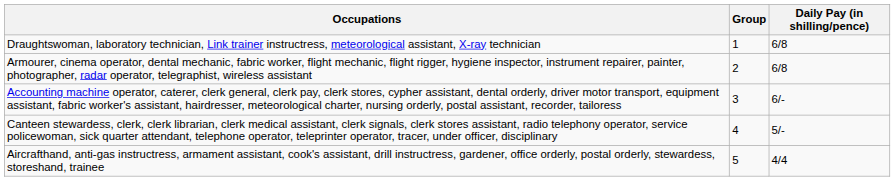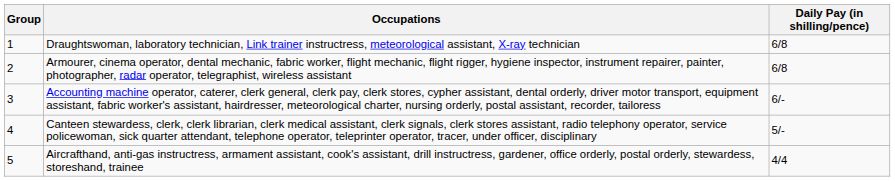 <table class="wikitable">
 <tr>
+<th>Group</th>
 <th>Occupations</th>
-<th>Group</th>
 <th>Daily Pay (in shilling/pence)</th>
 </tr>
 <tr>
+<td>1</td>
 <td>Draughtswoman, laboratory technician, <a href='#'>Link trainer</a> instructress, <a href='#'>meteorological</a> assistant, <a href='#'>X-ray</a> technician</td>
-<td>1</td>
 <td>6/8</td>
 </tr>
 <tr>
+<td>2</td>
 <td>Armourer, cinema operator, dental mechanic, fabric worker, flight mechanic, flight rigger, hygiene inspector, instrument repairer, painter, photographer, <a href='#'>radar</a> operator, telegraphist, wireless assistant</td>
-<td>2</td>
 <td>6/8</td>
 </tr>
 <tr>
+<td>3</td>
 <td><a href='#'>Accounting machine</a> operator, caterer, clerk general, clerk pay, clerk stores, cypher assistant, dental orderly, driver motor transport, equipment assistant, fabric worker's assistant, hairdresser, meteorological charter, nursing orderly, postal assistant, recorder, tailoress</td>
-<td>3</td>
 <td>6/-</td>
 </tr>
 <tr>
+<td>4</td>
 <td>Canteen stewardess, clerk, clerk librarian, clerk medical assistant, clerk signals, clerk stores assistant, radio telephony operator, service policewoman, sick quarter attendant, telephone operator, teleprinter operator, tracer, under officer, disciplinary</td>
-<td>4</td>
 <td>5/-</td>
 </tr>
 <tr>
+<td>5</td>
 <td>Aircrafthand, anti-gas instructress, armament assistant, cook's assistant, drill instructress, gardener, office orderly, postal orderly, stewardess, storeshand, trainee</td>
-<td>5</td>
 <td>4/4</td>
 </tr>
 </table>
